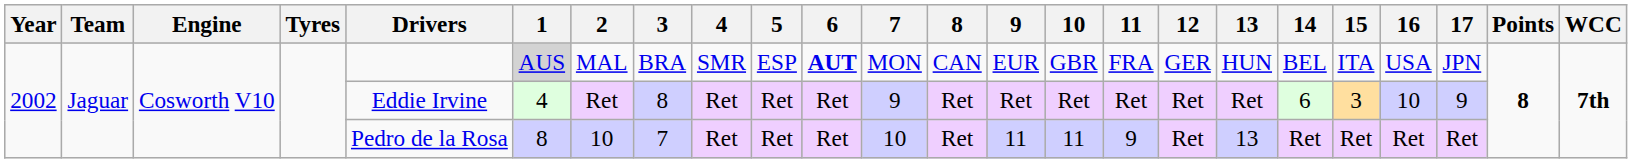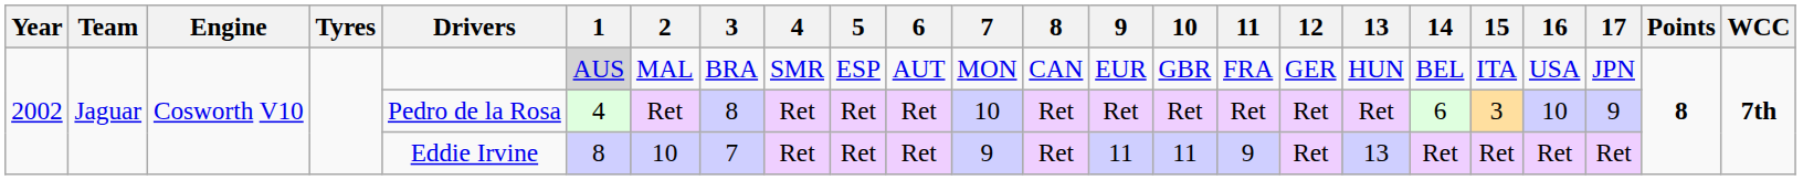 <table class="wikitable" style="text-align:center; font-size:95%">
 <tr>
 <th>Year</th>
 <th>Team</th>
 <th>Engine</th>
 <th>Tyres</th>
 <th>Drivers</th>
 <th>1</th>
 <th>2</th>
 <th>3</th>
 <th>4</th>
 <th>5</th>
 <th>6</th>
 <th>7</th>
 <th>8</th>
 <th>9</th>
 <th>10</th>
 <th>11</th>
 <th>12</th>
 <th>13</th>
 <th>14</th>
 <th>15</th>
 <th>16</th>
 <th>17</th>
 <th>Points</th>
 <th>WCC</th>
 </tr>
 <tr>
 <td rowspan=3><a href='#'>2002</a></td>
 <td rowspan=3><a href='#'>Jaguar</a></td>
 <td rowspan=3><a href='#'>Cosworth</a> <a href='#'>V10</a></td>
 <td rowspan=3></td>
 <td></td>
 <td style="background: lightgrey;"><a href='#'>AUS</a></td>
 <td><a href='#'>MAL</a></td>
 <td><a href='#'>BRA</a></td>
 <td><a href='#'>SMR</a></td>
 <td><a href='#'>ESP</a></td>
-<td><strong><a href='#'>AUT</a></strong></td>
+<td><a href='#'>AUT</a></td>
 <td><a href='#'>MON</a></td>
 <td><a href='#'>CAN</a></td>
 <td><a href='#'>EUR</a></td>
 <td><a href='#'>GBR</a></td>
 <td><a href='#'>FRA</a></td>
 <td><a href='#'>GER</a></td>
 <td><a href='#'>HUN</a></td>
 <td><a href='#'>BEL</a></td>
 <td><a href='#'>ITA</a></td>
 <td><a href='#'>USA</a></td>
 <td><a href='#'>JPN</a></td>
 <td rowspan=3><strong>8</strong></td>
 <td rowspan=3><strong>7th</strong></td>
 </tr>
 <tr>
-<td> <a href='#'>Eddie Irvine</a></td>
+<td> <a href='#'>Pedro de la Rosa</a></td>
 <td style="background:#DFFFDF;">4</td>
 <td style="background:#EFCFFF;">Ret</td>
 <td style="background:#CFCFFF;">8</td>
 <td style="background:#EFCFFF;">Ret</td>
 <td style="background:#EFCFFF;">Ret</td>
 <td style="background:#EFCFFF;">Ret</td>
-<td style="background:#CFCFFF;">9</td>
+<td style="background:#CFCFFF;">10</td>
 <td style="background:#EFCFFF;">Ret</td>
 <td style="background:#EFCFFF;">Ret</td>
 <td style="background:#EFCFFF;">Ret</td>
 <td style="background:#EFCFFF;">Ret</td>
 <td style="background:#EFCFFF;">Ret</td>
 <td style="background:#EFCFFF;">Ret</td>
 <td style="background:#DFFFDF;">6</td>
 <td style="background:#FFDF9F;">3</td>
 <td style="background:#CFCFFF;">10</td>
 <td style="background:#CFCFFF;">9</td>
 </tr>
 <tr>
-<td> <a href='#'>Pedro de la Rosa</a></td>
+<td> <a href='#'>Eddie Irvine</a></td>
 <td style="background:#CFCFFF;">8</td>
 <td style="background:#CFCFFF;">10</td>
 <td style="background:#CFCFFF;">7</td>
 <td style="background:#EFCFFF;">Ret</td>
 <td style="background:#EFCFFF;">Ret</td>
 <td style="background:#EFCFFF;">Ret</td>
-<td style="background:#CFCFFF;">10</td>
+<td style="background:#CFCFFF;">9</td>
 <td style="background:#EFCFFF;">Ret</td>
 <td style="background:#CFCFFF;">11</td>
 <td style="background:#CFCFFF;">11</td>
 <td style="background:#CFCFFF;">9</td>
 <td style="background:#EFCFFF;">Ret</td>
 <td style="background:#CFCFFF;">13</td>
 <td style="background:#EFCFFF;">Ret</td>
 <td style="background:#EFCFFF;">Ret</td>
 <td style="background:#EFCFFF;">Ret</td>
 <td style="background:#EFCFFF;">Ret</td>
 </tr>
 </table>
